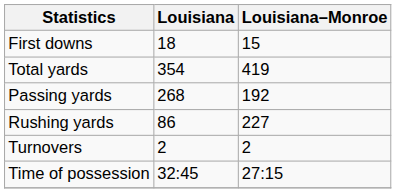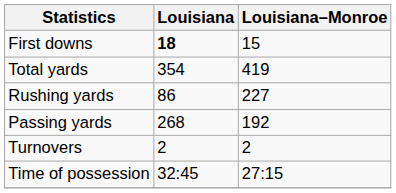 <table class="wikitable">
 <tr>
 <th>Statistics</th>
 <th>Louisiana</th>
 <th>Louisiana–Monroe</th>
 </tr>
 <tr>
 <td>First downs</td>
-<td>18</td>
+<td><strong>18</strong></td>
 <td>15</td>
 </tr>
 <tr>
 <td>Total yards</td>
 <td>354</td>
 <td>419</td>
 </tr>
 <tr>
+<td>Rushing yards</td>
+<td>86</td>
+<td>227</td>
+</tr>
+<tr>
 <td>Passing yards</td>
 <td>268</td>
 <td>192</td>
-</tr>
-<tr>
-<td>Rushing yards</td>
-<td>86</td>
-<td>227</td>
 </tr>
 <tr>
 <td>Turnovers</td>
 <td>2</td>
 <td>2</td>
 </tr>
 <tr>
 <td>Time of possession</td>
 <td>32:45</td>
 <td>27:15</td>
 </tr>
 <tr>
 </tr>
 </table>
